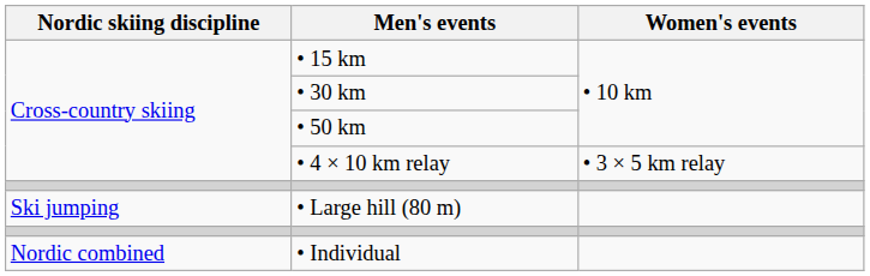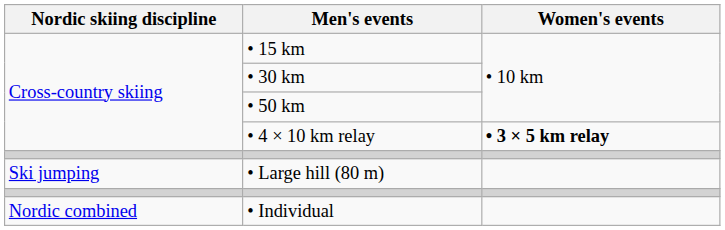 <table class="wikitable">
 <tr>
 <th width=200!>Nordic skiing discipline</th>
 <th width=200!>Men's events</th>
 <th width=200!>Women's events</th>
 </tr>
 <tr>
 <td rowspan=4><a href='#'>Cross-country skiing</a></td>
 <td>• 15 km</td>
 <td rowspan=3>• 10 km</td>
 </tr>
 <tr>
 <td>• 30 km</td>
 </tr>
 <tr>
 <td>• 50 km</td>
 </tr>
 <tr>
 <td>• 4 × 10 km relay</td>
-<td>• 3 × 5 km relay</td>
+<td><strong>• 3 × 5 km relay</strong></td>
 </tr>
 <tr bgcolor=lightgray>
 <td></td>
 <td></td>
 <td></td>
 </tr>
 <tr>
 <td><a href='#'>Ski jumping</a></td>
 <td>• Large hill (80 m)</td>
 <td></td>
 </tr>
 <tr bgcolor=lightgray>
 <td></td>
 <td></td>
 <td></td>
 </tr>
 <tr>
 <td><a href='#'>Nordic combined</a></td>
 <td>• Individual</td>
 <td></td>
 </tr>
 </table>
